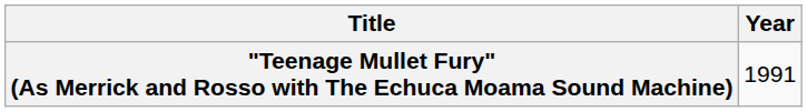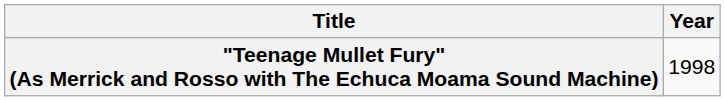 <table class="wikitable plainrowheaders" style="text-align:center;">
 <tr>
 <th>Title</th>
 <th>Year</th>
 </tr>
 <tr>
 <th scope="row">"Teenage Mullet Fury" <br> (As Merrick and Rosso with The Echuca Moama Sound Machine)</th>
-<td>1991</td>
+<td>1998</td>
 </tr>
 </table>
